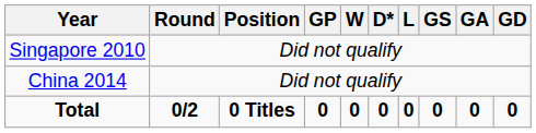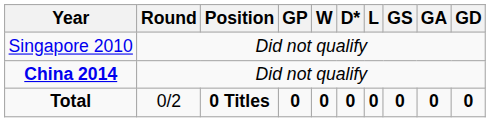 <table class="wikitable" style="text-align: center;">
 <tr>
 <th>Year</th>
 <th>Round</th>
 <th>Position</th>
 <th>GP</th>
 <th>W</th>
 <th>D*</th>
 <th>L</th>
 <th>GS</th>
 <th>GA</th>
 <th>GD</th>
 </tr>
 <tr>
 <td><a href='#'>Singapore 2010</a></td>
 <td colspan="9"><em>Did not qualify</em></td>
 </tr>
 <tr>
-<td><a href='#'>China 2014</a></td>
+<td><strong><a href='#'>China 2014</a></strong></td>
 <td colspan="9"><em>Did not qualify</em></td>
 </tr>
 <tr>
 <td><strong>Total</strong></td>
-<td><strong>0/2</strong></td>
+<td>0/2</td>
 <td><strong>0 Titles</strong></td>
 <td><strong>0</strong></td>
 <td><strong>0</strong></td>
 <td><strong>0</strong></td>
 <td><strong>0</strong></td>
 <td><strong>0</strong></td>
 <td><strong>0</strong></td>
 <td><strong>0</strong></td>
 </tr>
 </table>
